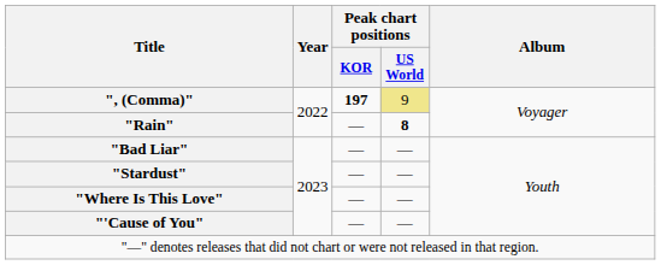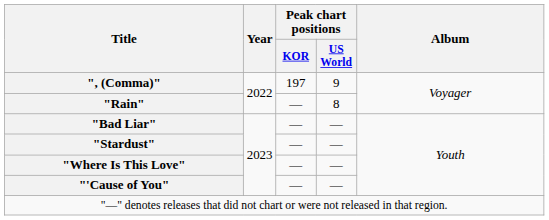 <table class="wikitable plainrowheaders" style="text-align:center">
 <tr>
 <th scope="col" rowspan="2" style="width:18em;">Title</th>
 <th scope="col" rowspan="2">Year</th>
 <th scope="col" colspan="2">Peak chart positions</th>
 <th scope="col" rowspan="2" style="width:14em;">Album</th>
 </tr>
 <tr>
 <th style="width:3em;font-size:90%"><a href='#'>KOR</a><br></th>
 <th style="width:3em;font-size:90%"><a href='#'>US<br>World</a><br></th>
 </tr>
 <tr>
 <th scope="row">", (Comma)"</th>
 <td rowspan="2">2022</td>
-<td><strong>197</strong></td>
-<td style="background: khaki;">9</td>
+<td>197</td>
+<td>9</td>
 <td rowspan="2"><em>Voyager</em></td>
 </tr>
 <tr>
 <th scope="row">"Rain"</th>
 <td>—</td>
-<td><strong>8</strong></td>
+<td>8</td>
 </tr>
 <tr>
 <th scope="row">"Bad Liar"</th>
 <td rowspan="4">2023</td>
 <td>—</td>
 <td>—</td>
 <td rowspan="4"><em>Youth</em></td>
 </tr>
 <tr>
 <th scope="row">"Stardust"</th>
 <td>—</td>
 <td>—</td>
 </tr>
 <tr>
 <th scope="row">"Where Is This Love"</th>
 <td>—</td>
 <td>—</td>
 </tr>
 <tr>
 <th scope="row">"'Cause of You"</th>
 <td>—</td>
 <td>—</td>
 </tr>
 <tr>
 <td colspan="6" style="font-size:90%">"—" denotes releases that did not chart or were not released in that region.</td>
 </tr>
 </table>
